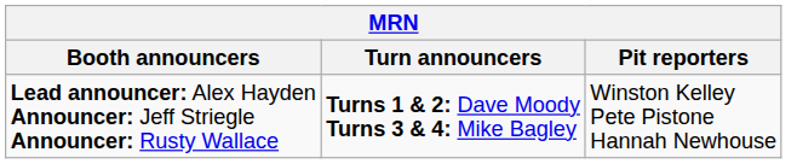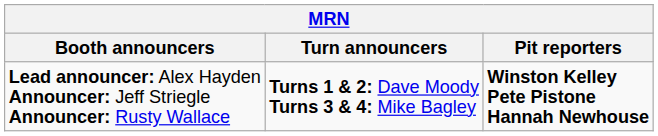 <table class="wikitable" style="font-size: 95%">
 <tr>
 <th colspan="3"><a href='#'>MRN</a></th>
 </tr>
 <tr>
 <th>Booth announcers</th>
 <th>Turn announcers</th>
 <th>Pit reporters</th>
 </tr>
 <tr>
 <td><strong>Lead announcer:</strong> Alex Hayden<br><strong>Announcer:</strong> Jeff Striegle<br><strong>Announcer:</strong> <a href='#'>Rusty Wallace</a></td>
 <td><strong>Turns 1 & 2:</strong> <a href='#'>Dave Moody</a> <br><strong>Turns 3 & 4:</strong> <a href='#'>Mike Bagley</a></td>
-<td>Winston Kelley<br>Pete Pistone<br>Hannah Newhouse</td>
+<td><strong>Winston Kelley<br>Pete Pistone<br>Hannah Newhouse</strong></td>
 </tr>
 </table>
